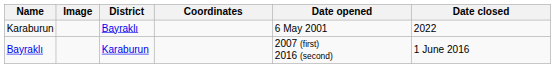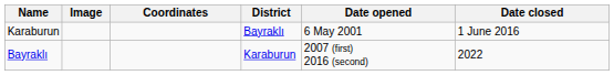 <table class="wikitable sortable">
 <tr>
 <th width="8%">Name</th>
 <th width="8%" class="unsortable">Image</th>
+<th width="22%" class="unsortable">Coordinates</th>
 <th width="10%">District</th>
-<th width="22%" class="unsortable">Coordinates</th>
 <th width="26%">Date opened</th>
 <th width="26%">Date closed</th>
 </tr>
 <tr>
 <td>Karaburun</td>
 <td class="noresize"></td>
+<td></td>
 <td><a href='#'>Bayraklı</a></td>
-<td></td>
 <td>6 May 2001</td>
-<td>2022</td>
+<td>1 June 2016</td>
 </tr>
 <tr>
 <td><a href='#'>Bayraklı</a></td>
 <td></td>
+<td></td>
 <td><a href='#'>Karaburun</a></td>
-<td></td>
 <td>2007 <small>(first)</small><br>2016 <small>(second)</small></td>
-<td>1 June 2016</td>
+<td>2022</td>
 </tr>
 </table>
